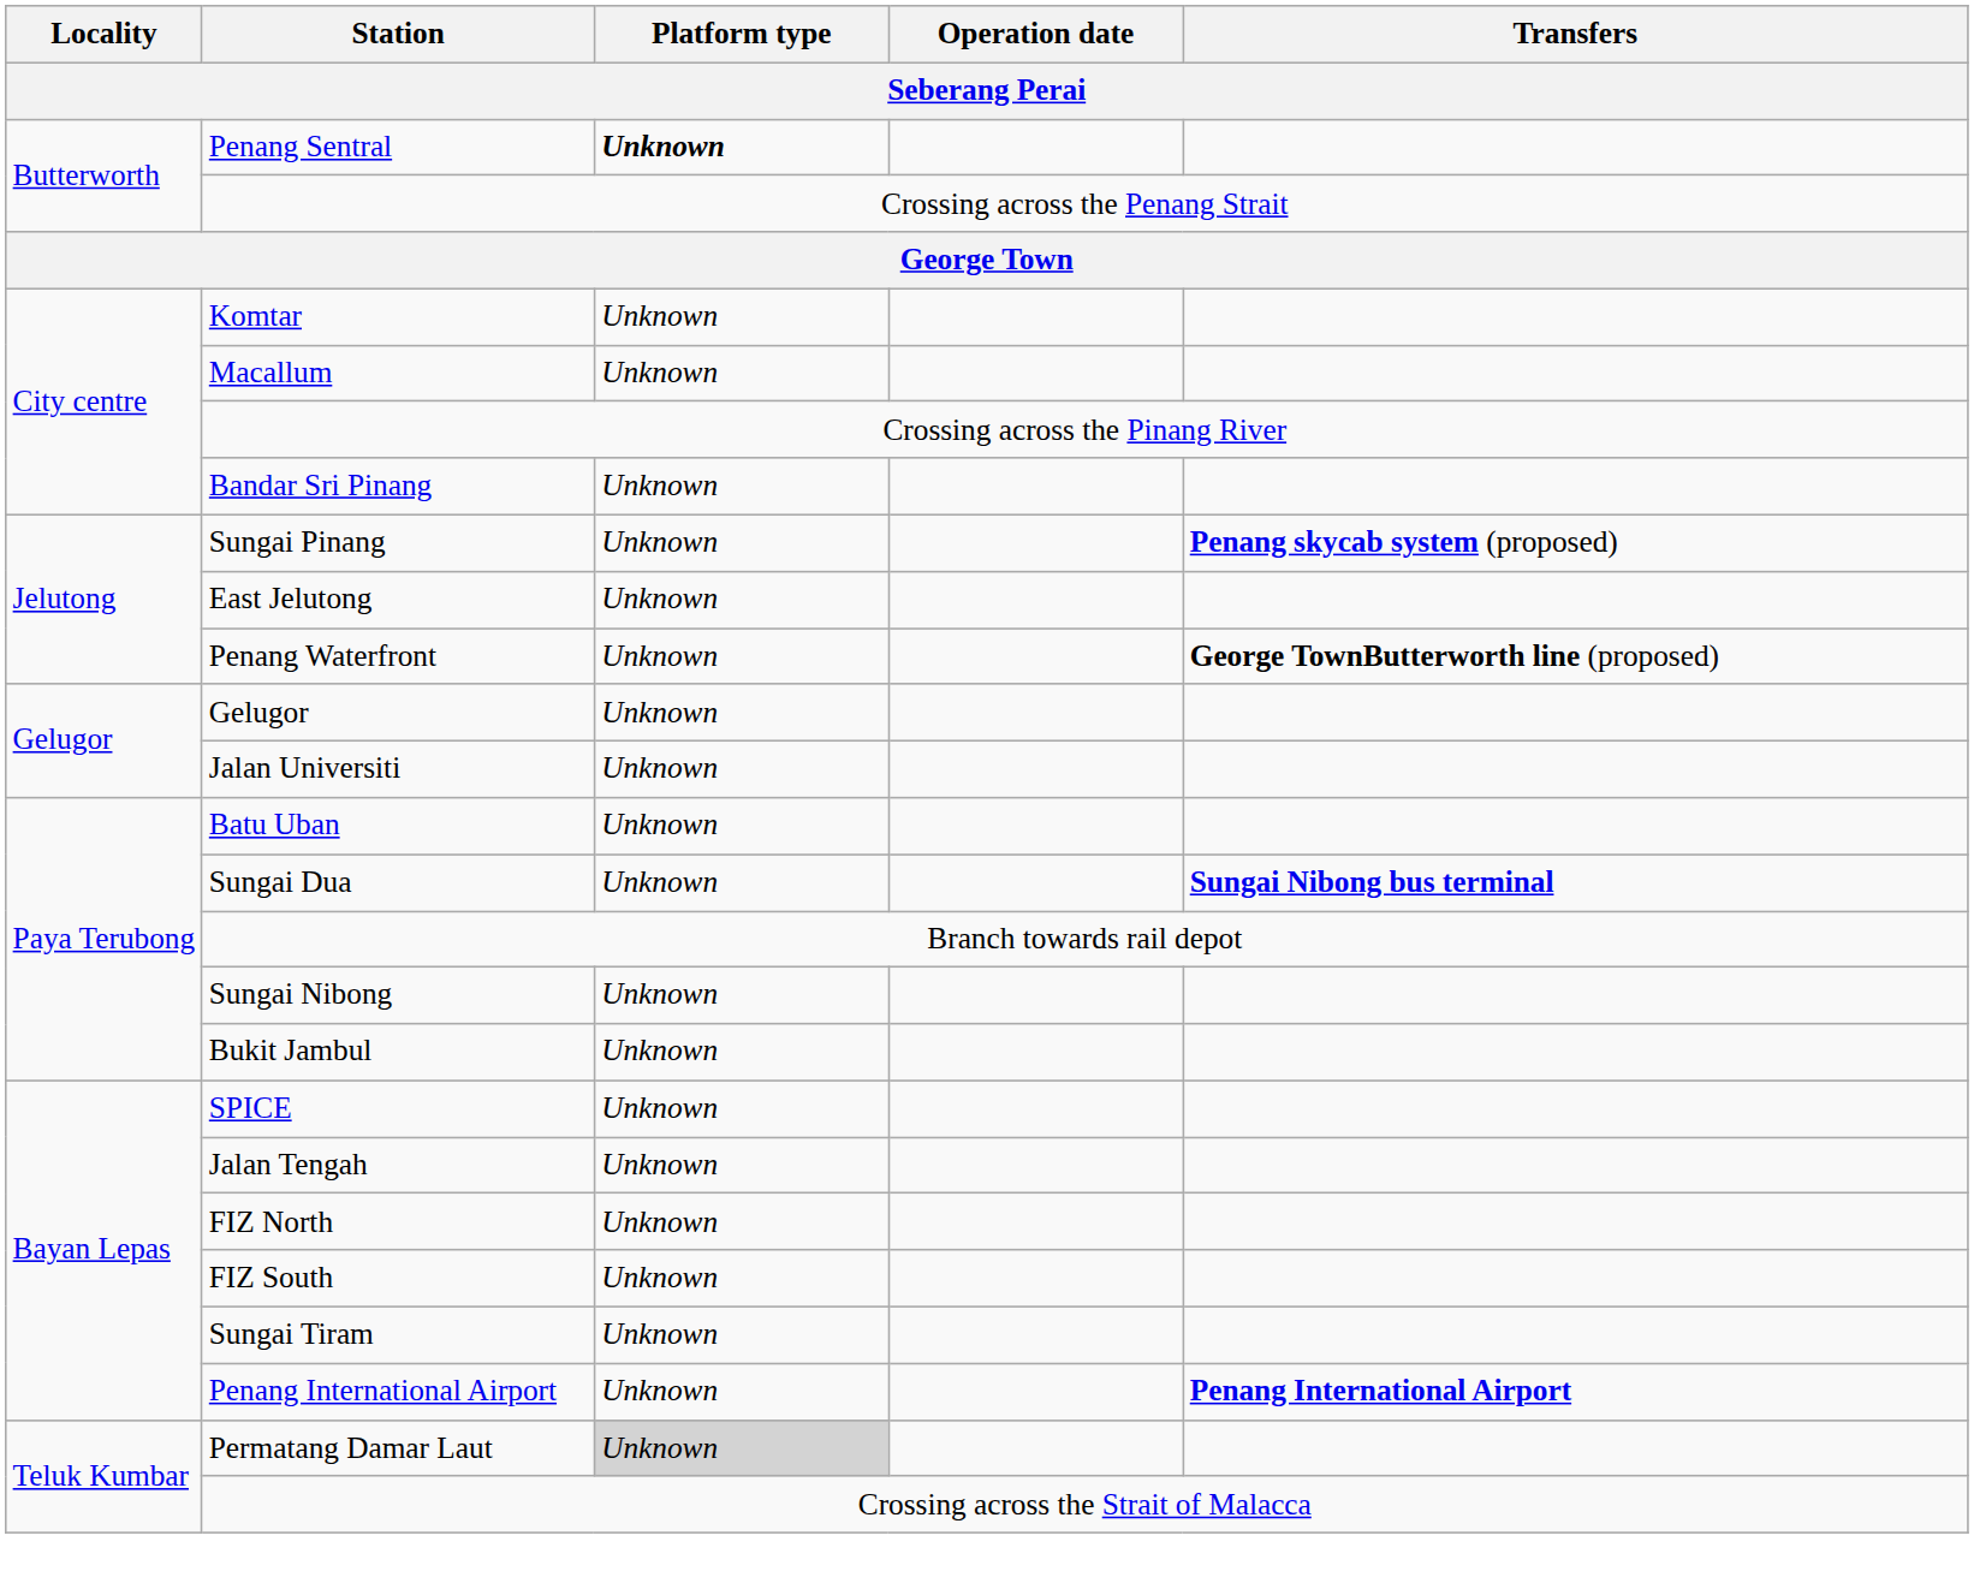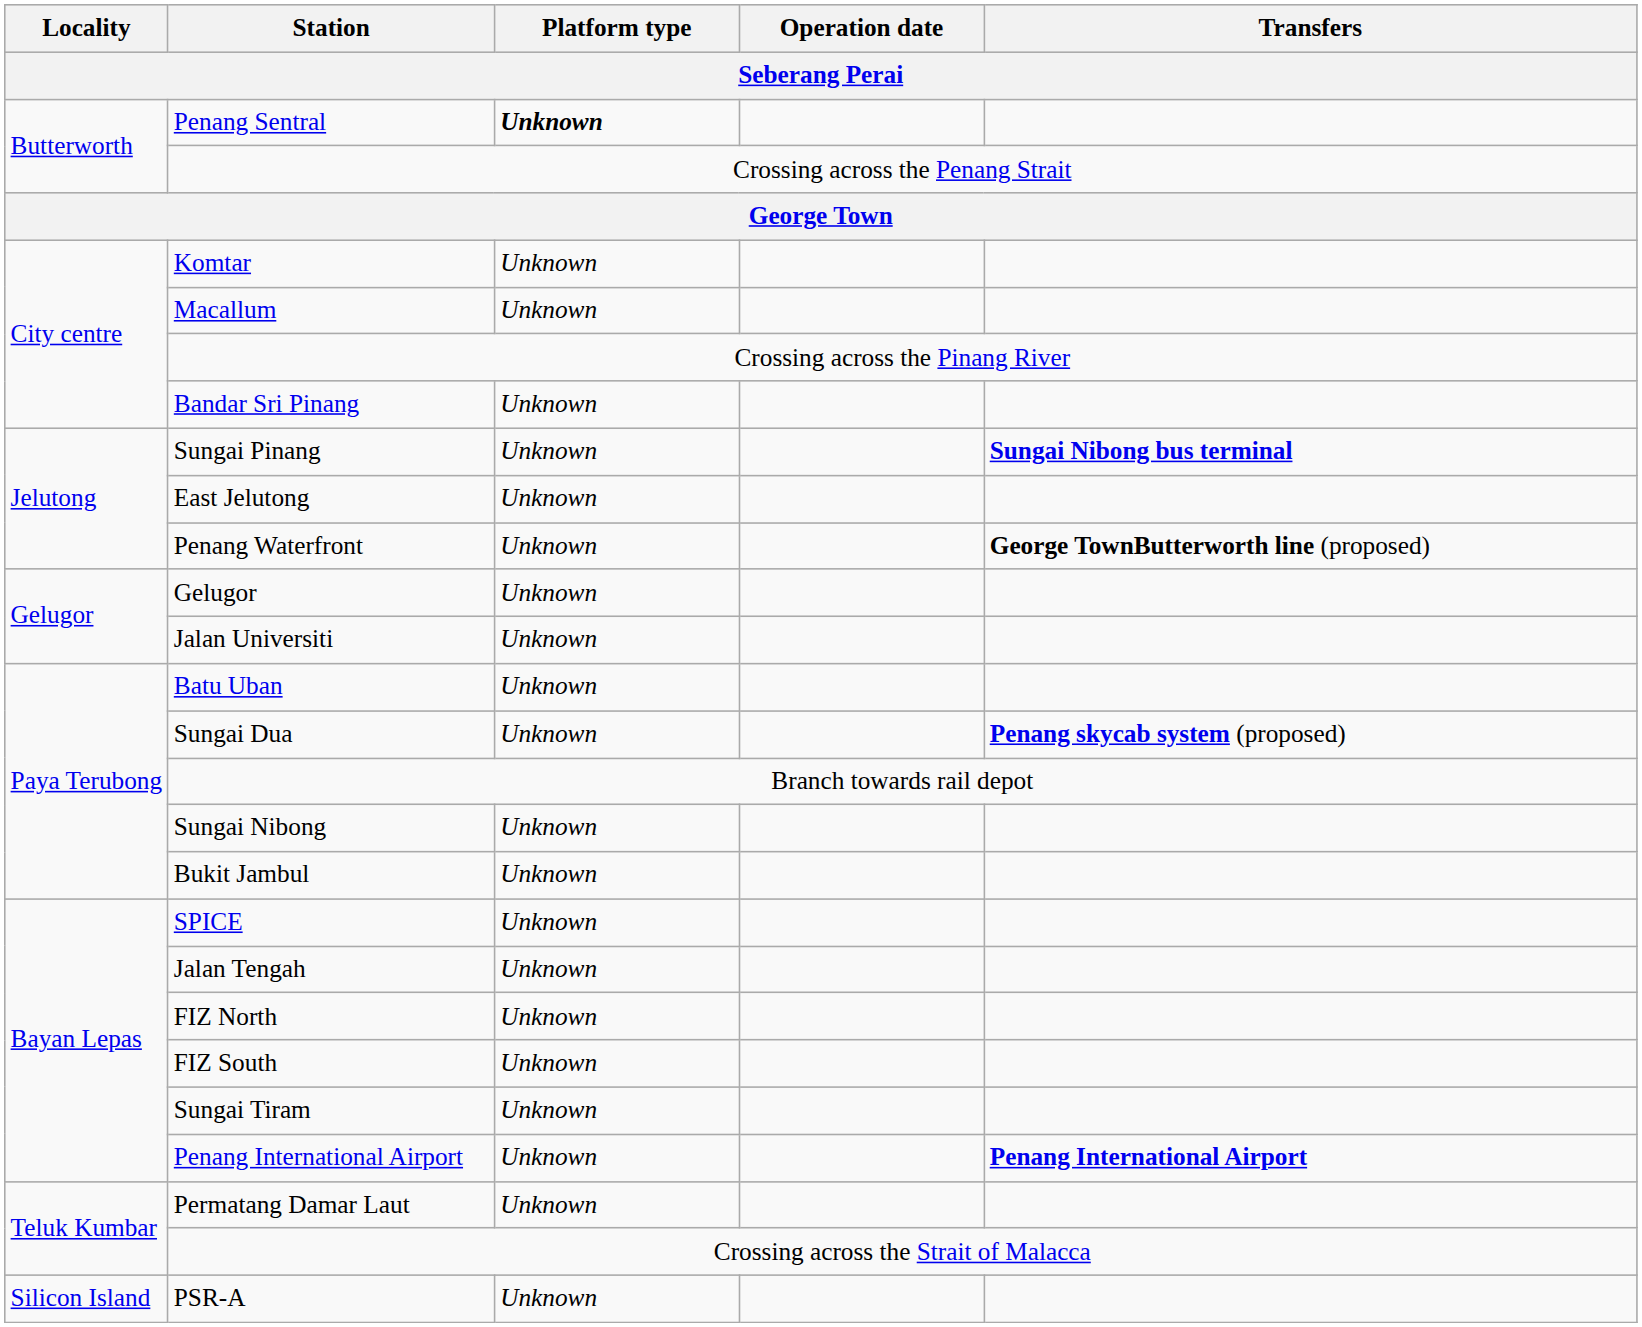 <table class="wikitable" style="line-height:1.4em">
 <tr>
 <th style="width:10%">Locality</th>
 <th>Station</th>
 <th style="width:15%">Platform type</th>
 <th style="width:15%">Operation date</th>
 <th style="width:40%">Transfers</th>
 </tr>
 <tr>
 <th colspan="5" align="center"><strong><a href='#'>Seberang Perai</a></strong></th>
 </tr>
 <tr>
 <td rowspan="2"><a href='#'>Butterworth</a></td>
 <td><a href='#'>Penang Sentral</a> </td>
 <td><strong><em>Unknown</em></strong></td>
 <td></td>
 <td><br>  </td>
 </tr>
 <tr>
 <td colspan="4" align="center"> Crossing across the <a href='#'>Penang Strait</a></td>
 </tr>
 <tr>
 <th colspan="5" align="center"><strong><a href='#'>George Town</a></strong></th>
 </tr>
 <tr>
 <td rowspan="4"><a href='#'>City centre</a></td>
 <td><a href='#'>Komtar</a></td>
 <td><em>Unknown</em></td>
 <td></td>
 <td><br></td>
 </tr>
 <tr>
 <td><a href='#'>Macallum</a></td>
 <td><em>Unknown</em></td>
 <td></td>
 <td></td>
 </tr>
 <tr>
 <td colspan="4" align="center"> Crossing across the <a href='#'>Pinang River</a></td>
 </tr>
 <tr>
 <td><a href='#'>Bandar Sri Pinang</a> <strong></strong></td>
 <td><em>Unknown</em></td>
 <td></td>
 <td></td>
 </tr>
 <tr>
 <td rowspan="3"><a href='#'>Jelutong</a></td>
 <td>Sungai Pinang </td>
 <td><em>Unknown</em></td>
 <td></td>
-<td><strong></strong> <strong><a href='#'>Penang skycab system</a></strong> (proposed)</td>
+<td>  <strong><a href='#'>Sungai Nibong bus terminal</a></strong></td>
 </tr>
 <tr>
 <td>East Jelutong</td>
 <td><em>Unknown</em></td>
 <td></td>
 <td></td>
 </tr>
 <tr>
 <td>Penang Waterfront</td>
 <td><em>Unknown</em></td>
 <td></td>
 <td> <strong>George TownButterworth line</strong> (proposed)</td>
 </tr>
 <tr>
 <td rowspan="2"><a href='#'>Gelugor</a></td>
 <td>Gelugor </td>
 <td><em>Unknown</em></td>
 <td></td>
 <td></td>
 </tr>
 <tr>
 <td>Jalan Universiti </td>
 <td><em>Unknown</em></td>
 <td></td>
 <td></td>
 </tr>
 <tr>
 <td rowspan="5"><a href='#'>Paya Terubong</a></td>
 <td><a href='#'>Batu Uban</a></td>
 <td><em>Unknown</em></td>
 <td></td>
 <td></td>
 </tr>
 <tr>
 <td>Sungai Dua </td>
 <td><em>Unknown</em></td>
 <td></td>
-<td>  <strong><a href='#'>Sungai Nibong bus terminal</a></strong></td>
+<td><strong></strong> <strong><a href='#'>Penang skycab system</a></strong> (proposed)</td>
 </tr>
 <tr>
 <td colspan="4" align="center"><strong></strong> Branch towards rail depot</td>
 </tr>
 <tr>
 <td>Sungai Nibong</td>
 <td><em>Unknown</em></td>
 <td></td>
 <td></td>
 </tr>
 <tr>
 <td>Bukit Jambul <strong></strong></td>
 <td><em>Unknown</em></td>
 <td></td>
 <td></td>
 </tr>
 <tr>
 <td rowspan="6"><a href='#'>Bayan Lepas</a></td>
 <td><a href='#'>SPICE</a></td>
 <td><em>Unknown</em></td>
 <td></td>
 <td></td>
 </tr>
 <tr>
 <td>Jalan Tengah <strong></strong></td>
 <td><em>Unknown</em></td>
 <td></td>
 <td></td>
 </tr>
 <tr>
 <td>FIZ North</td>
 <td><em>Unknown</em></td>
 <td></td>
 <td></td>
 </tr>
 <tr>
 <td>FIZ South</td>
 <td><em>Unknown</em></td>
 <td></td>
 <td></td>
 </tr>
 <tr>
 <td>Sungai Tiram</td>
 <td><em>Unknown</em></td>
 <td></td>
 <td></td>
 </tr>
 <tr>
 <td><a href='#'>Penang International Airport</a></td>
 <td><em>Unknown</em></td>
 <td></td>
 <td> <strong><a href='#'>Penang International Airport</a></strong></td>
 </tr>
 <tr>
 <td rowspan="2"><a href='#'>Teluk Kumbar</a></td>
 <td>Permatang Damar Laut <strong></strong></td>
-<td style="background: lightgrey;"><em>Unknown</em></td>
+<td><em>Unknown</em></td>
 <td></td>
 <td></td>
 </tr>
 <tr>
 <td colspan="4" align="center"> Crossing across the <a href='#'>Strait of Malacca</a></td>
 </tr>
+<tr>
+<td><a href='#'>Silicon Island</a></td>
+<td>PSR-A</td>
+<td><em>Unknown</em></td>
+<td></td>
+<td></td>
+</tr>
 </table>
